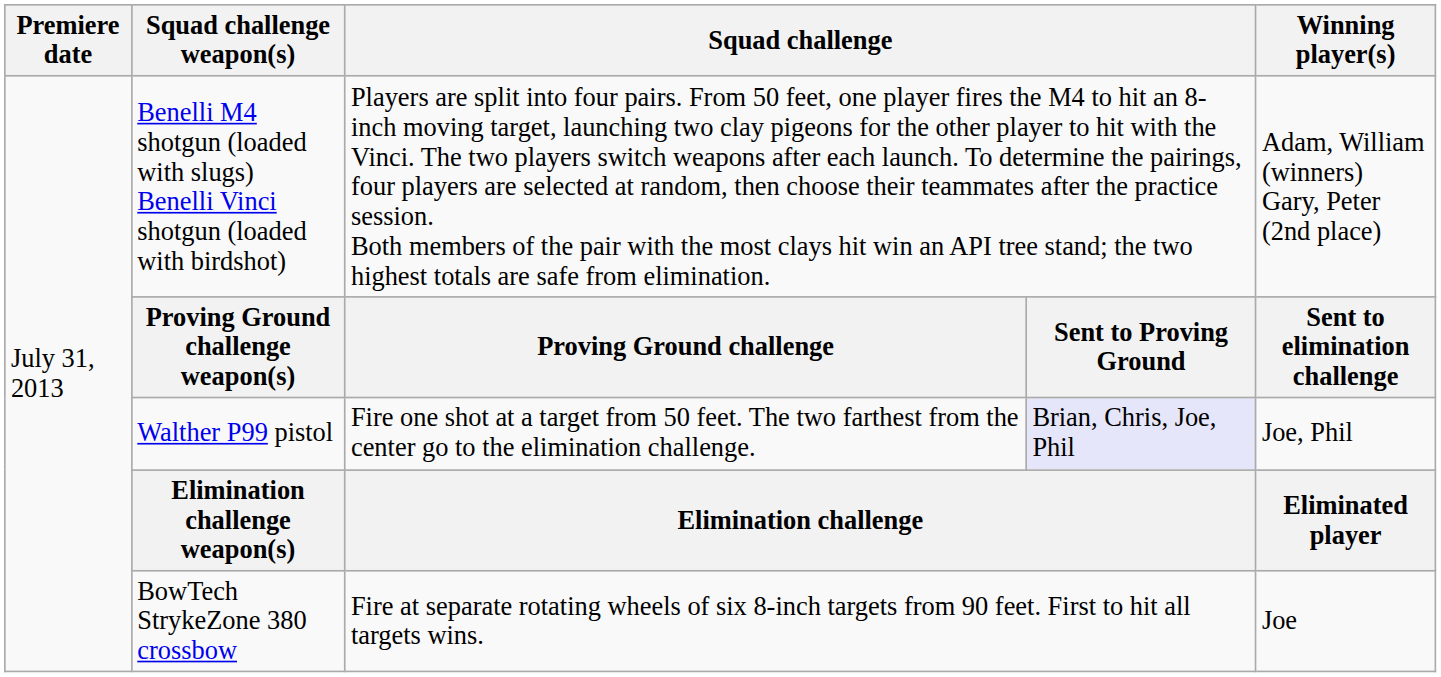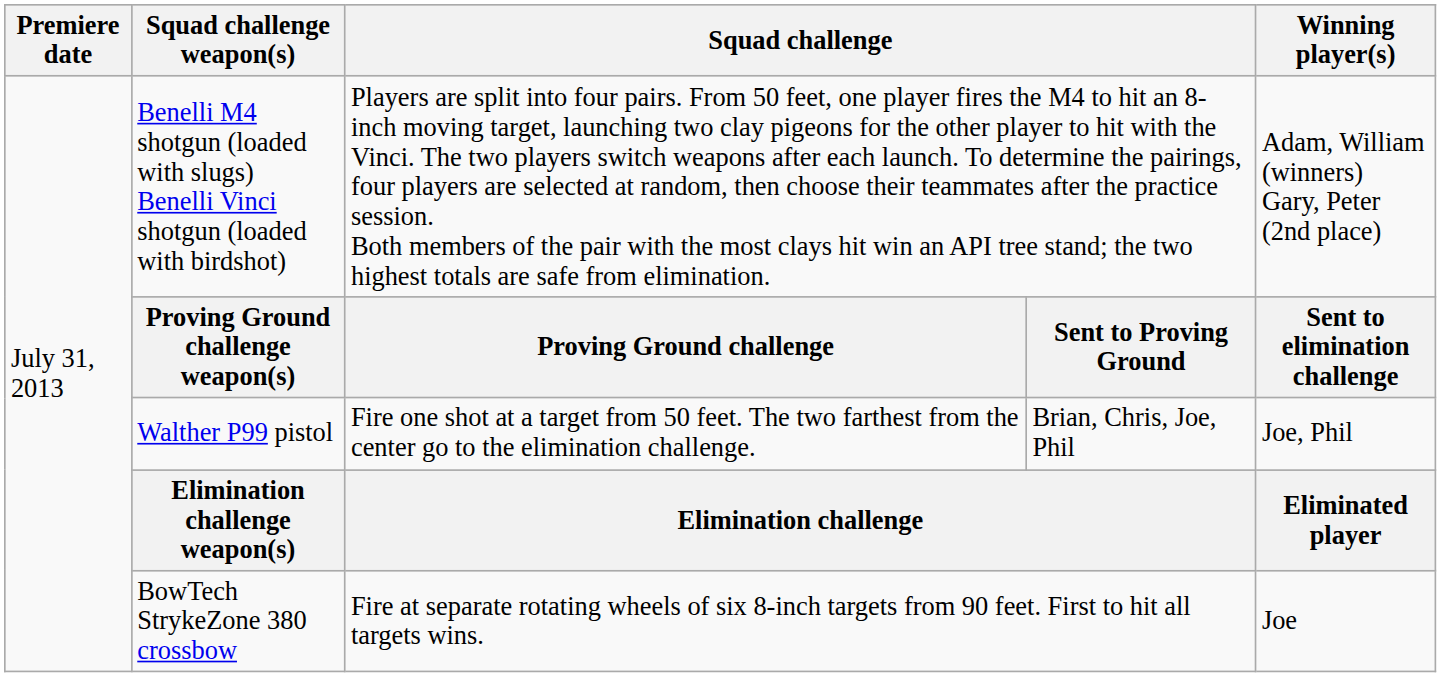 <table class="wikitable">
 <tr>
 <th>Premiere date</th>
 <th>Squad challenge weapon(s)</th>
 <th colspan="2">Squad challenge</th>
 <th>Winning player(s)</th>
 </tr>
 <tr>
 <td rowspan="5">July 31, 2013</td>
 <td><a href='#'>Benelli M4</a> shotgun (loaded with slugs)<br><a href='#'>Benelli Vinci</a> shotgun (loaded with birdshot)</td>
 <td colspan="2">Players are split into four pairs. From 50 feet, one player fires the M4 to hit an 8-inch moving target, launching two clay pigeons for the other player to hit with the Vinci. The two players switch weapons after each launch. To determine the pairings, four players are selected at random, then choose their teammates after the practice session.<br>Both members of the pair with the most clays hit win an API tree stand; the two highest totals are safe from elimination.</td>
 <td>Adam, William (winners)<br>Gary, Peter (2nd place)</td>
 </tr>
 <tr>
 <th>Proving Ground challenge weapon(s)</th>
 <th>Proving Ground challenge</th>
 <th>Sent to Proving Ground</th>
 <th>Sent to elimination challenge</th>
 </tr>
 <tr>
 <td><a href='#'>Walther P99</a> pistol</td>
 <td>Fire one shot at a target from 50 feet. The two farthest from the center go to the elimination challenge.</td>
-<td style="background: lavender;">Brian, Chris, Joe, Phil</td>
+<td>Brian, Chris, Joe, Phil</td>
 <td>Joe, Phil</td>
 </tr>
 <tr>
 <th>Elimination challenge weapon(s)</th>
 <th colspan="2">Elimination challenge</th>
 <th>Eliminated player</th>
 </tr>
 <tr>
 <td>BowTech StrykeZone 380 <a href='#'>crossbow</a></td>
 <td colspan="2">Fire at separate rotating wheels of six 8-inch targets from 90 feet. First to hit all targets wins.</td>
 <td>Joe</td>
 </tr>
 </table>
